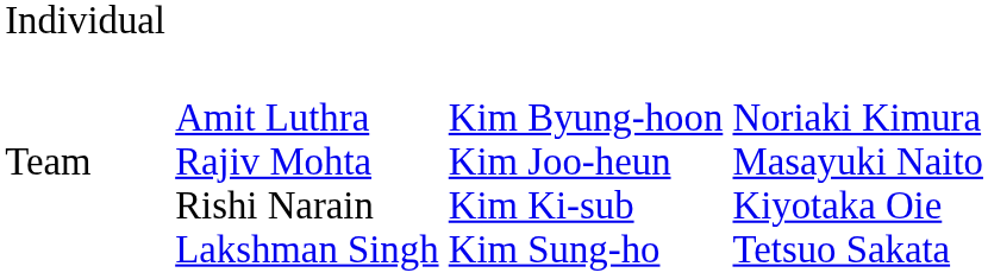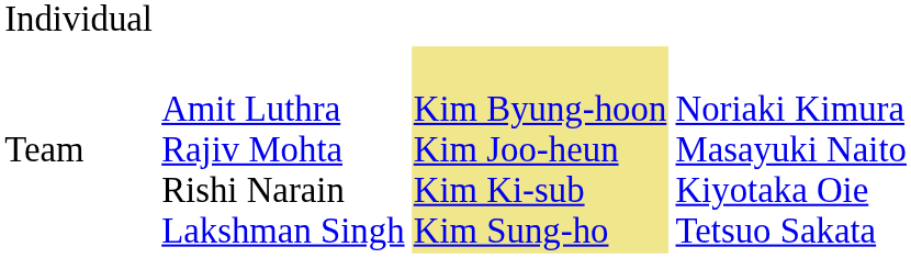 <table>
 <tr>
 <td>Individual<br></td>
 <td></td>
 <td></td>
 <td></td>
 </tr>
 <tr>
 <td>Team<br></td>
 <td><br><a href='#'>Amit Luthra</a><br><a href='#'>Rajiv Mohta</a><br>Rishi Narain<br><a href='#'>Lakshman Singh</a></td>
-<td><br><a href='#'>Kim Byung-hoon</a><br><a href='#'>Kim Joo-heun</a><br><a href='#'>Kim Ki-sub</a><br><a href='#'>Kim Sung-ho</a></td>
+<td style="background: khaki;"><br><a href='#'>Kim Byung-hoon</a><br><a href='#'>Kim Joo-heun</a><br><a href='#'>Kim Ki-sub</a><br><a href='#'>Kim Sung-ho</a></td>
 <td><br><a href='#'>Noriaki Kimura</a><br><a href='#'>Masayuki Naito</a><br><a href='#'>Kiyotaka Oie</a><br><a href='#'>Tetsuo Sakata</a></td>
 </tr>
 </table>
